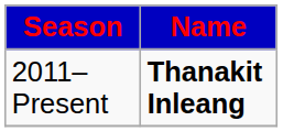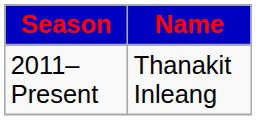 <table class="wikitable">
 <tr>
 <th width="70px" style="background: #0000C0; color: #FF0000; text-align: center">Season</th>
 <th width="70px" style="background: #0000C0; color: #FF0000">Name</th>
 </tr>
 <tr style="text-align:left;">
 <td>2011–Present</td>
-<td><strong> Thanakit Inleang</strong></td>
+<td> Thanakit Inleang</td>
 </tr>
 <tr>
 </tr>
 </table>
